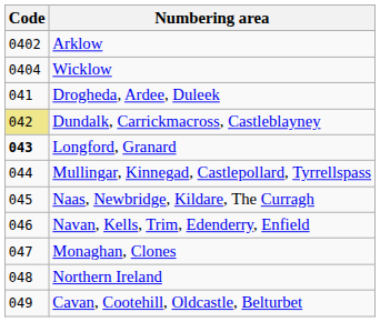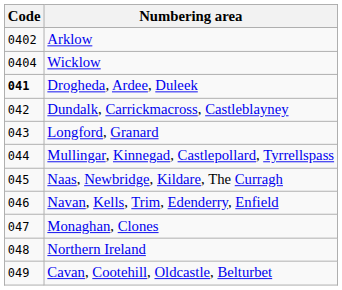 <table class="wikitable">
 <tr>
 <th>Code</th>
 <th>Numbering area</th>
 </tr>
 <tr>
 <td><code>0402</code></td>
 <td><a href='#'>Arklow</a></td>
 </tr>
 <tr>
 <td><code>0404</code></td>
 <td><a href='#'>Wicklow</a></td>
 </tr>
 <tr>
-<td><code>041</code></td>
+<td><strong><code>041</code></strong></td>
 <td><a href='#'>Drogheda</a>, <a href='#'>Ardee</a>, <a href='#'>Duleek</a></td>
 </tr>
 <tr>
-<td style="background: khaki;"><code>042</code></td>
+<td><code>042</code></td>
 <td><a href='#'>Dundalk</a>, <a href='#'>Carrickmacross</a>, <a href='#'>Castleblayney</a></td>
 </tr>
 <tr>
-<td><strong><code>043</code></strong></td>
+<td><code>043</code></td>
 <td><a href='#'>Longford</a>, <a href='#'>Granard</a></td>
 </tr>
 <tr>
 <td><code>044</code></td>
 <td><a href='#'>Mullingar</a>, <a href='#'>Kinnegad</a>, <a href='#'>Castlepollard</a>, <a href='#'>Tyrrellspass</a></td>
 </tr>
 <tr>
 <td><code>045</code></td>
 <td><a href='#'>Naas</a>, <a href='#'>Newbridge</a>, <a href='#'>Kildare</a>, The <a href='#'>Curragh</a></td>
 </tr>
 <tr>
 <td><code>046</code></td>
 <td><a href='#'>Navan</a>, <a href='#'>Kells</a>, <a href='#'>Trim</a>, <a href='#'>Edenderry</a>, <a href='#'>Enfield</a></td>
 </tr>
 <tr>
 <td><code>047</code></td>
 <td><a href='#'>Monaghan</a>, <a href='#'>Clones</a></td>
 </tr>
 <tr>
 <td><code>048</code></td>
 <td><a href='#'>Northern Ireland</a></td>
 </tr>
 <tr>
 <td><code>049</code></td>
 <td><a href='#'>Cavan</a>, <a href='#'>Cootehill</a>, <a href='#'>Oldcastle</a>, <a href='#'>Belturbet</a></td>
 </tr>
 </table>
